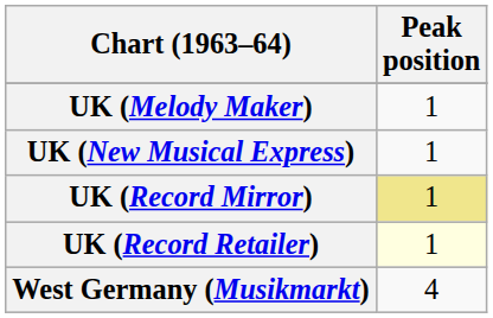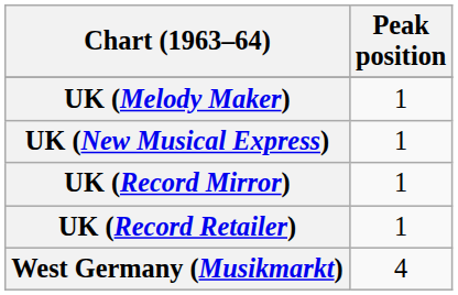 <table class="wikitable plainrowheaders sortable">
 <tr>
 <th scope="col">Chart (1963–64)</th>
 <th scope="col">Peak<br>position</th>
 </tr>
 <tr>
 </tr>
 <tr>
 <th scope="row">UK (<em><a href='#'>Melody Maker</a></em>)</th>
 <td align="center">1</td>
 </tr>
 <tr>
 <th scope="row">UK (<em><a href='#'>New Musical Express</a></em>)</th>
 <td align="center">1</td>
 </tr>
 <tr>
 <th scope="row">UK (<em><a href='#'>Record Mirror</a></em>)</th>
-<td align="center" style="background: khaki;">1</td>
+<td align="center">1</td>
 </tr>
 <tr>
 <th scope="row">UK (<em><a href='#'>Record Retailer</a></em>)</th>
-<td align="center" style="background: lightyellow;">1</td>
+<td align="center">1</td>
 </tr>
 <tr>
 <th scope="row">West Germany (<em><a href='#'>Musikmarkt</a></em>)</th>
 <td align="center">4</td>
 </tr>
 </table>
